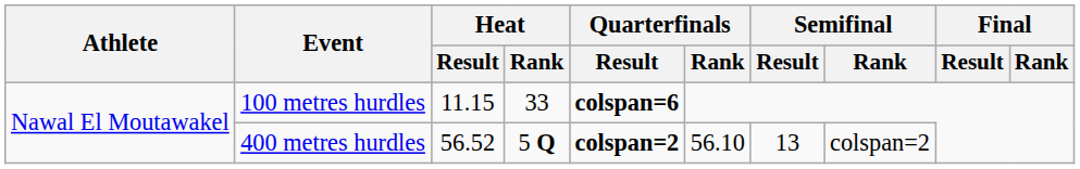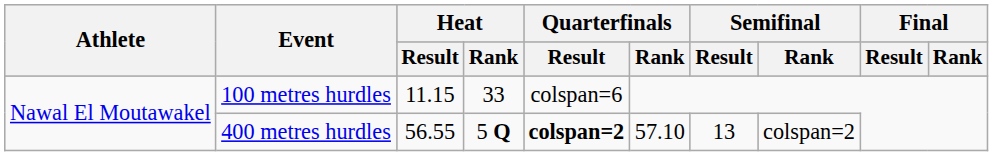 <table class=wikitable style=font-size:90%>
 <tr>
 <th rowspan=2>Athlete</th>
 <th rowspan=2>Event</th>
 <th colspan=2>Heat</th>
 <th colspan=2>Quarterfinals</th>
 <th colspan=2>Semifinal</th>
 <th colspan=2>Final</th>
 </tr>
 <tr style=font-size:95%>
 <th>Result</th>
 <th>Rank</th>
 <th>Result</th>
 <th>Rank</th>
 <th>Result</th>
 <th>Rank</th>
 <th>Result</th>
 <th>Rank</th>
 </tr>
 <tr align=center>
 <td align=left rowspan=2><a href='#'>Nawal El Moutawakel</a></td>
 <td align=left><a href='#'>100 metres hurdles</a></td>
 <td>11.15</td>
 <td>33</td>
-<td><strong>colspan=6 </strong></td>
+<td>colspan=6 </td>
 </tr>
 <tr align=center>
 <td align=left><a href='#'>400 metres hurdles</a></td>
-<td>56.52</td>
+<td>56.55</td>
 <td>5 <strong>Q</strong></td>
 <td><strong>colspan=2 </strong></td>
-<td>56.10</td>
+<td>57.10</td>
 <td>13</td>
 <td>colspan=2 </td>
 </tr>
 </table>
